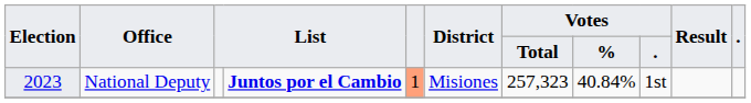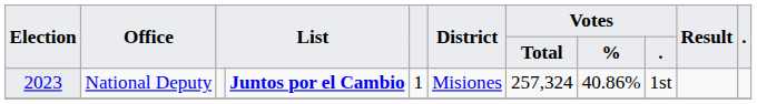 <table class="wikitable" style="font-size:90%; text-align:center;">
 <tr>
 <th style="background-color:#EAECF0;" rowspan=2>Election</th>
 <th style="background-color:#EAECF0;" rowspan=2>Office</th>
 <th style="background-color:#EAECF0;" colspan=2 rowspan=2>List</th>
 <th style="background-color:#EAECF0;" rowspan=2></th>
 <th style="background-color:#EAECF0;" rowspan=2>District</th>
 <th style="background-color:#EAECF0;" colspan=3>Votes</th>
 <th style="background-color:#EAECF0;" rowspan=2>Result</th>
 <th style="background-color:#EAECF0;" rowspan=2>.</th>
 </tr>
 <tr>
 <th style="background-color:#EAECF0;">Total</th>
 <th style="background-color:#EAECF0;">%</th>
 <th style="background-color:#EAECF0;">.</th>
 </tr>
 <tr>
 <td style="background-color:#EAECF0;"><a href='#'>2023</a></td>
 <td><a href='#'>National Deputy</a></td>
 <td style="background-color:"></td>
 <td><strong><a href='#'>Juntos por el Cambio</a></strong></td>
-<td style="background: lightsalmon;">1</td>
+<td>1</td>
 <td><a href='#'>Misiones</a></td>
-<td>257,323</td>
-<td>40.84%</td>
+<td>257,324</td>
+<td>40.86%</td>
 <td>1st</td>
 <td></td>
 <td></td>
 </tr>
 <tr>
 </tr>
 </table>
